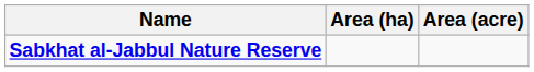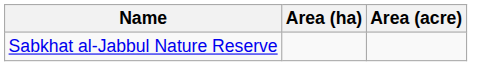 <table class="wikitable sortable">
 <tr>
 <th scope="col" align=left>Name</th>
 <th scope="col">Area (ha)</th>
 <th scope="col">Area (acre)</th>
 </tr>
 <tr ---->
-<td><strong><a href='#'>Sabkhat al-Jabbul Nature Reserve</a></strong></td>
+<td><a href='#'>Sabkhat al-Jabbul Nature Reserve</a></td>
 <td></td>
 </tr>
 </table>
